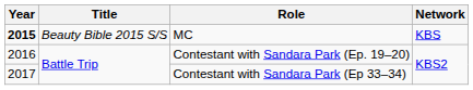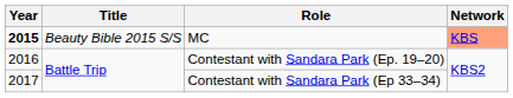 <table class="wikitable">
 <tr>
 <th>Year</th>
 <th>Title</th>
 <th>Role</th>
 <th>Network</th>
 </tr>
 <tr>
 <td><strong>2015</strong></td>
 <td><em>Beauty Bible 2015 S/S</em></td>
 <td>MC</td>
-<td><a href='#'>KBS</a></td>
+<td style="background: lightsalmon;"><a href='#'>KBS</a></td>
 </tr>
 <tr>
 <td>2016</td>
 <td rowspan="2"><a href='#'>Battle Trip</a></td>
 <td>Contestant with <a href='#'>Sandara Park</a> (Ep. 19–20)</td>
 <td rowspan="2"><a href='#'>KBS2</a></td>
 </tr>
 <tr>
 <td>2017</td>
 <td>Contestant with <a href='#'>Sandara Park</a> (Ep 33–34)</td>
 </tr>
 </table>
